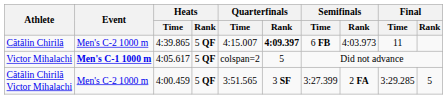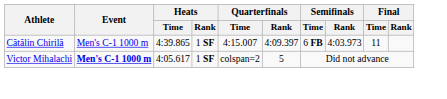 <table class=wikitable style="font-size:90%">
 <tr>
 <th rowspan="2">Athlete</th>
 <th rowspan="2">Event</th>
 <th colspan=2>Heats</th>
 <th colspan=2>Quarterfinals</th>
 <th colspan=2>Semifinals</th>
 <th colspan=2>Final</th>
 </tr>
 <tr style="font-size:95%">
 <th>Time</th>
 <th>Rank</th>
 <th>Time</th>
 <th>Rank</th>
 <th>Time</th>
 <th>Rank</th>
 <th>Time</th>
 <th>Rank</th>
 </tr>
 <tr align=center>
 <td align=left><a href='#'>Cătălin Chirilă</a></td>
-<td align=left><a href='#'>Men's C-2 1000 m</a></td>
+<td align=left><a href='#'>Men's C-1 1000 m</a></td>
 <td>4:39.865</td>
-<td>5 <strong>QF</strong></td>
+<td>1 <strong>SF</strong></td>
 <td>4:15.007</td>
-<td><strong>4:09.397</strong></td>
+<td>4:09.397</td>
 <td>6 <strong>FB</strong></td>
 <td>4:03.973</td>
 <td>11</td>
 </tr>
 <tr align=center>
 <td align=left><a href='#'>Victor Mihalachi</a></td>
 <td align=left><strong><a href='#'>Men's C-1 1000 m</a></strong></td>
 <td>4:05.617</td>
-<td>5 <strong>QF</strong></td>
+<td>1 <strong>SF</strong></td>
 <td>colspan=2 </td>
 <td>5</td>
 <td colspan=4>Did not advance</td>
 </tr>
-<tr align=center>
-<td align=left><a href='#'>Cătălin Chirilă</a><br><a href='#'>Victor Mihalachi</a></td>
-<td align=left><a href='#'>Men's C-2 1000 m</a></td>
-<td>4:00.459</td>
-<td>5 <strong>QF</strong></td>
-<td>3:51.565</td>
-<td>3 <strong>SF</strong></td>
-<td>3:27.399</td>
-<td>2 <strong>FA</strong></td>
-<td>3:29.285</td>
-<td>5</td>
-</tr>
 </table>
